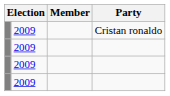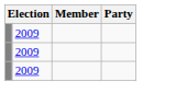 <table class="wikitable">
 <tr>
 <th colspan="2">Election</th>
 <th>Member</th>
 <th>Party</th>
-</tr>
-<tr>
-<td style="background-color: grey"></td>
-<td><a href='#'>2009</a></td>
-<td></td>
-<td>Cristan ronaldo</td>
 </tr>
 <tr>
 <td style="background-color: grey"></td>
 <td><a href='#'>2009</a></td>
 <td></td>
 <td></td>
 </tr>
 <tr>
 <td style="background-color: grey"></td>
 <td><a href='#'>2009</a></td>
 <td></td>
 <td></td>
 </tr>
 <tr>
 <td style="background-color: grey"></td>
 <td><a href='#'>2009</a></td>
 <td></td>
 <td></td>
 </tr>
 </table>
